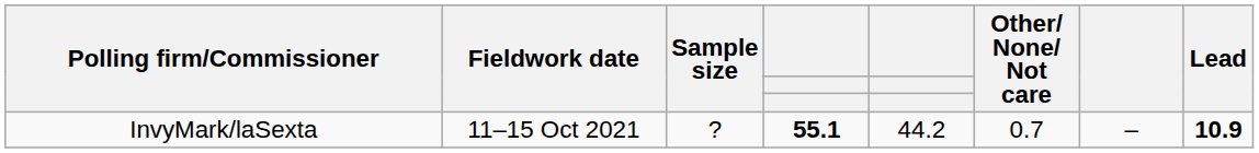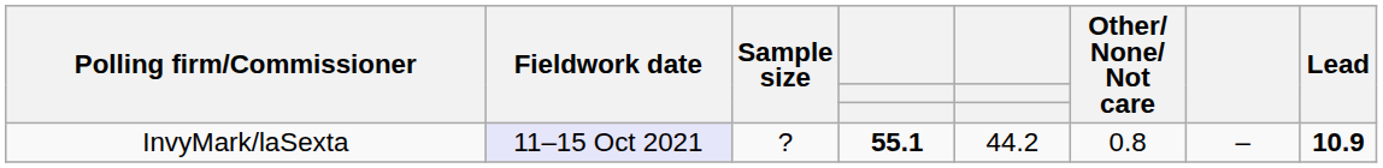 <table class="wikitable collapsible collapsed" style="text-align:center; font-size:90%; line-height:14px;">
 <tr style="height:42px;">
 <th style="width:250px;" rowspan="3">Polling firm/Commissioner</th>
 <th style="width:125px;" rowspan="3">Fieldwork date</th>
 <th style="width:50px;" rowspan="3">Sample size</th>
 <th style="width:55px;"></th>
 <th style="width:55px;"></th>
 <th style="width:55px;" rowspan="3">Other/<br>None/<br>Not<br>care</th>
 <th style="width:55px;" rowspan="3"></th>
 <th style="width:30px;" rowspan="3">Lead</th>
 </tr>
 <tr>
 <th style="color:inherit;background:"></th>
 <th style="color:inherit;background:"></th>
 </tr>
 <tr>
 <th></th>
 <th></th>
 </tr>
 <tr>
 <td>InvyMark/laSexta</td>
-<td>11–15 Oct 2021</td>
+<td style="background: lavender;">11–15 Oct 2021</td>
 <td>?</td>
 <td><strong>55.1</strong></td>
 <td>44.2</td>
-<td>0.7</td>
+<td>0.8</td>
 <td>–</td>
 <td style="background:"><strong>10.9</strong></td>
 </tr>
 </table>
